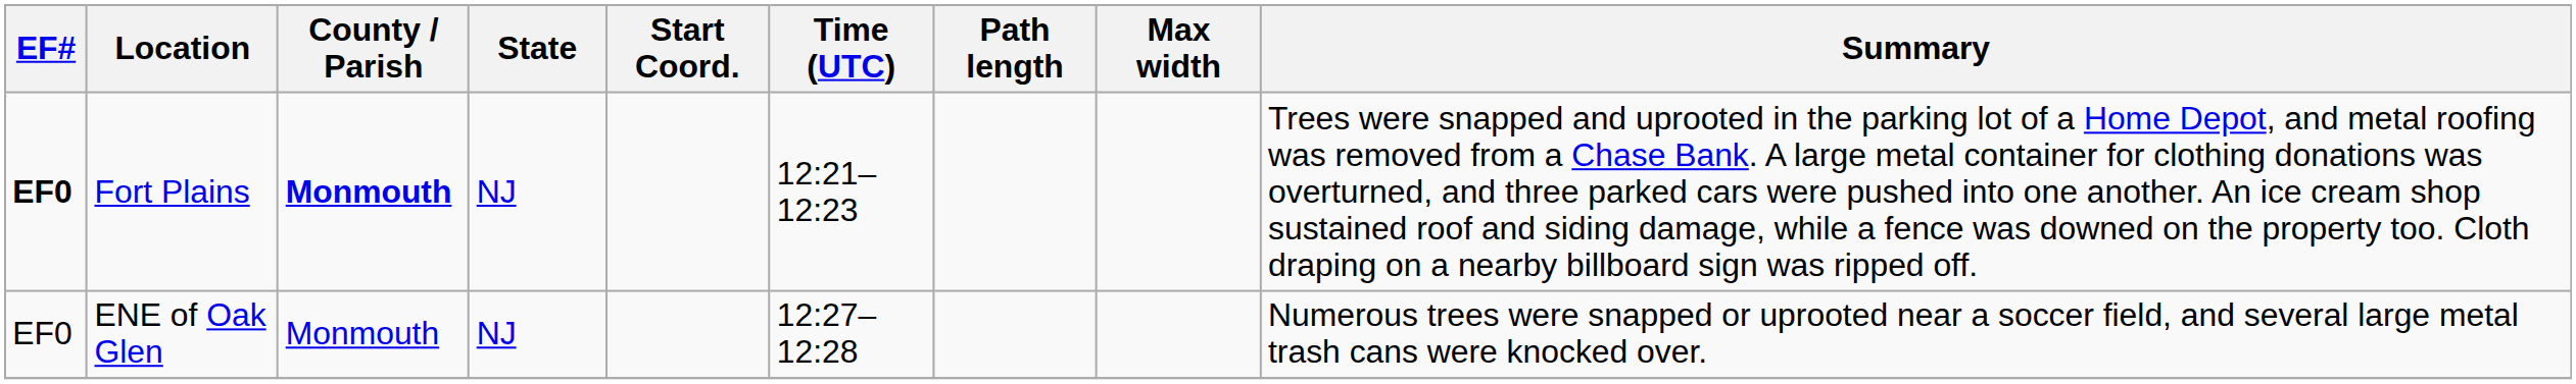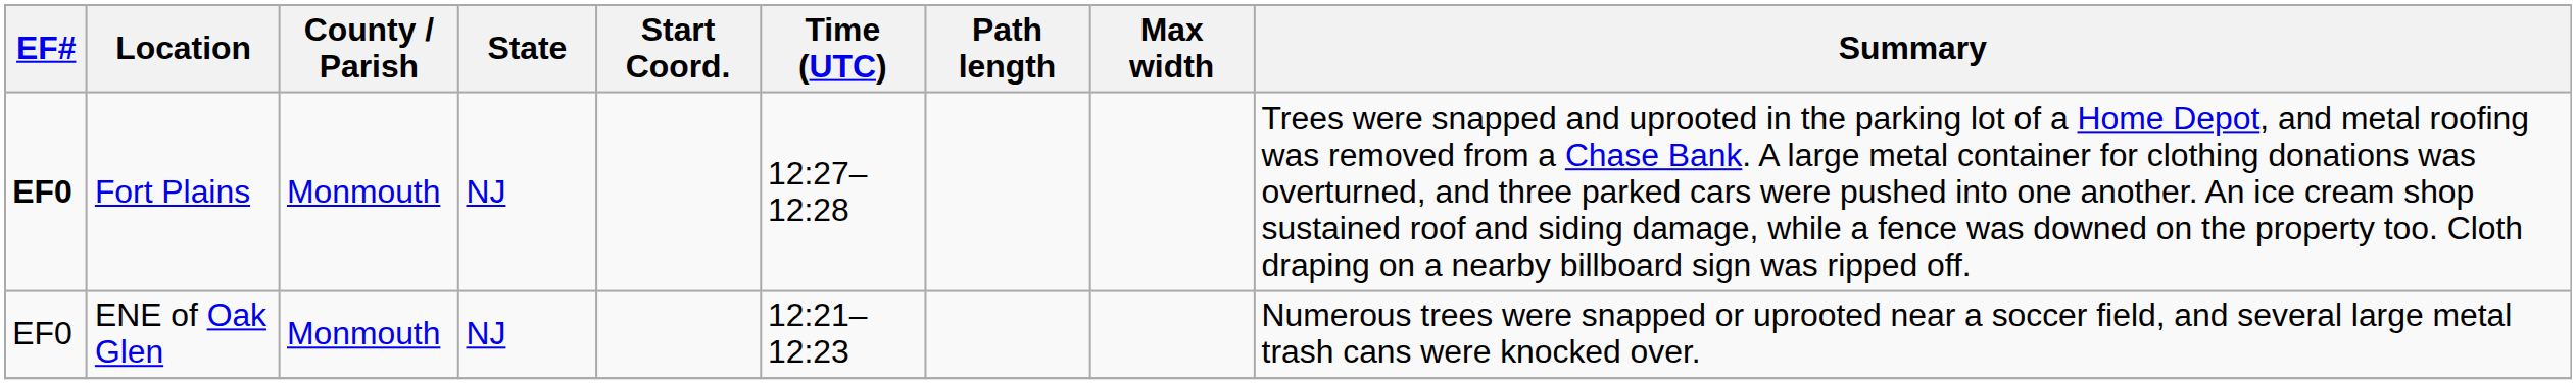 <table class="wikitable sortable" style="width:100%;">
 <tr>
 <th scope="col"  style="width:3%; text-align:center;"><a href='#'>EF#</a></th>
 <th scope="col"  style="width:7%; text-align:center;" class="unsortable">Location</th>
 <th scope="col"  style="width:6%; text-align:center;" class="unsortable">County / Parish</th>
 <th scope="col"  style="width:5%; text-align:center;">State</th>
 <th scope="col"  style="width:6%; text-align:center;">Start Coord.</th>
 <th scope="col"  style="width:6%; text-align:center;">Time (<a href='#'>UTC</a>)</th>
 <th scope="col"  style="width:6%; text-align:center;">Path length</th>
 <th scope="col"  style="width:6%; text-align:center;">Max width</th>
 <th scope="col" class="unsortable" style="width:48%; text-align:center;">Summary</th>
 </tr>
 <tr>
 <td><strong>EF0</strong></td>
 <td><a href='#'>Fort Plains</a></td>
-<td><strong><a href='#'>Monmouth</a></strong></td>
+<td><a href='#'>Monmouth</a></td>
 <td><a href='#'>NJ</a></td>
 <td></td>
-<td>12:21–12:23</td>
+<td>12:27–12:28</td>
 <td></td>
 <td></td>
 <td>Trees were snapped and uprooted in the parking lot of a <a href='#'>Home Depot</a>, and metal roofing was removed from a <a href='#'>Chase Bank</a>. A large metal container for clothing donations was overturned, and three parked cars were pushed into one another. An ice cream shop sustained roof and siding damage, while a fence was downed on the property too. Cloth draping on a nearby billboard sign was ripped off.</td>
 </tr>
 <tr>
 <td>EF0</td>
 <td>ENE of <a href='#'>Oak Glen</a></td>
 <td><a href='#'>Monmouth</a></td>
 <td><a href='#'>NJ</a></td>
 <td></td>
-<td>12:27–12:28</td>
+<td>12:21–12:23</td>
 <td></td>
 <td></td>
 <td>Numerous trees were snapped or uprooted near a soccer field, and several large metal trash cans were knocked over.</td>
 </tr>
 <tr>
 </tr>
 </table>
